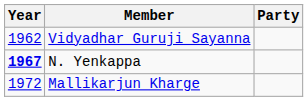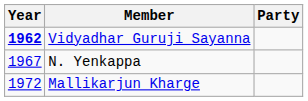 <table class="wikitable sortable">
 <tr>
 <th>Year</th>
 <th>Member</th>
 <th colspan="2">Party</th>
 </tr>
 <tr>
-<td><a href='#'>1962</a></td>
+<td><strong><a href='#'>1962</a></strong></td>
 <td><a href='#'>Vidyadhar Guruji Sayanna</a></td>
 <td></td>
 </tr>
 <tr>
-<td><strong><a href='#'>1967</a></strong></td>
+<td><a href='#'>1967</a></td>
 <td>N. Yenkappa</td>
 <td></td>
 </tr>
 <tr>
 <td><a href='#'>1972</a></td>
 <td><a href='#'>Mallikarjun Kharge</a></td>
 </tr>
 </table>
